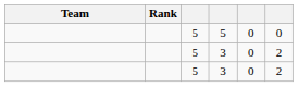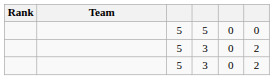 <table class="wikitable" style="text-align: center;">
 <tr>
+<th width=40>Rank</th>
 <th width=180>Team</th>
-<th width=40>Rank</th>
 <th width=30></th>
 <th width=30></th>
 <th width=30></th>
 <th width=30></th>
 </tr>
 <tr>
+<td></td>
 <td align=left></td>
-<td></td>
 <td>5</td>
 <td>5</td>
 <td>0</td>
 <td>0</td>
 </tr>
 <tr>
+<td></td>
 <td align=left></td>
-<td></td>
 <td>5</td>
 <td>3</td>
 <td>0</td>
 <td>2</td>
 </tr>
 <tr>
+<td></td>
 <td align=left></td>
-<td></td>
 <td>5</td>
 <td>3</td>
 <td>0</td>
 <td>2</td>
 </tr>
 </table>
